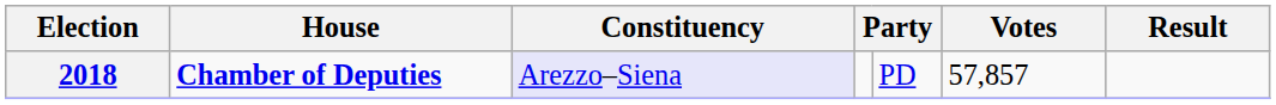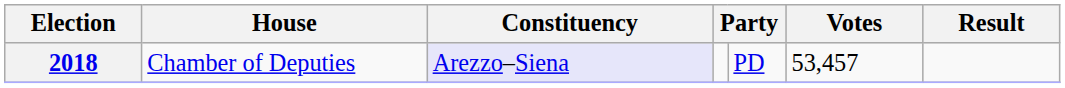 <table class=wikitable style="width:55%; border:1px #AAAAFF solid">
 <tr>
 <th width=12%>Election</th>
 <th width=25%>House</th>
 <th width=25%>Constituency</th>
 <th width=5% colspan="2">Party</th>
 <th width=12%>Votes</th>
 <th width=12%>Result</th>
 </tr>
 <tr>
 <th><a href='#'>2018</a></th>
-<td><strong><a href='#'>Chamber of Deputies</a></strong></td>
+<td><a href='#'>Chamber of Deputies</a></td>
 <td style="background: lavender;"><a href='#'>Arezzo</a>–<a href='#'>Siena</a></td>
 <td></td>
 <td><a href='#'>PD</a></td>
-<td>57,857</td>
+<td>53,457</td>
 <td></td>
 </tr>
 <tr>
 </tr>
 </table>
